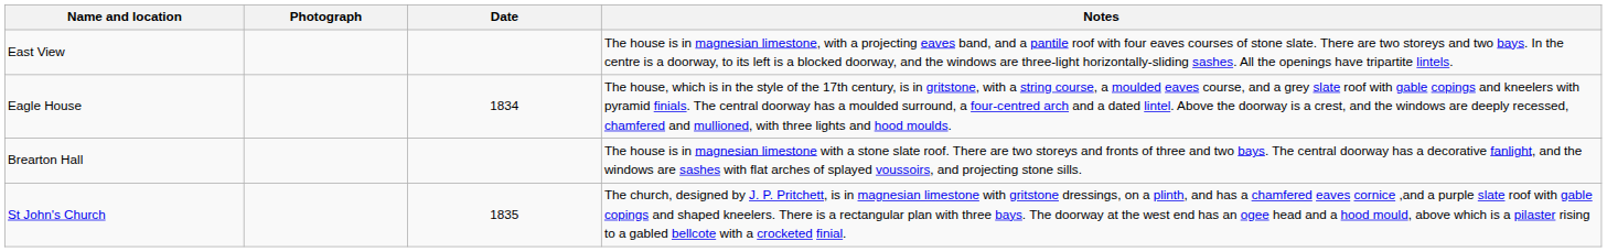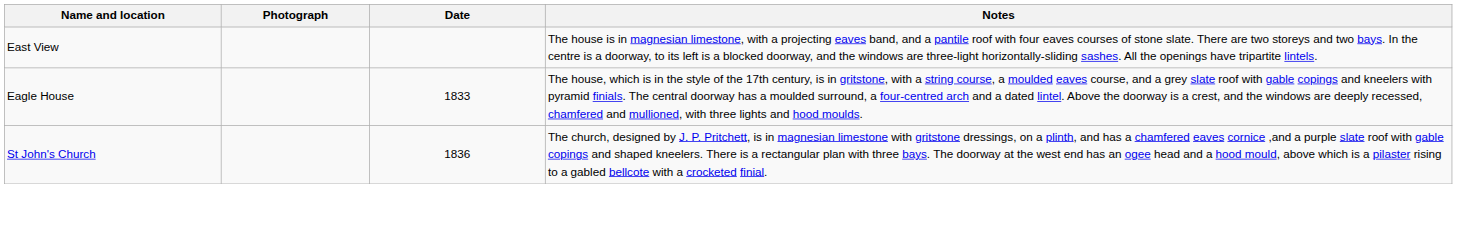 <table class="wikitable sortable plainrowheaders" style="width:100%;border:0px;text-align:left;line-height:150%;">
 <tr>
 <th scope="col"  style="width:150px">Name and location</th>
 <th scope="col"  style="width:100px" class="unsortable">Photograph</th>
 <th scope="col"  style="width:120px">Date</th>
 <th scope="col"  style="width:650px" class="unsortable">Notes</th>
 </tr>
 <tr>
 <td>East View<br><small></small></td>
 <td></td>
 <td align="center"></td>
 <td>The house is in <a href='#'>magnesian limestone</a>, with a projecting <a href='#'>eaves</a> band, and a <a href='#'>pantile</a> roof with four eaves courses of stone slate.  There are two storeys and two <a href='#'>bays</a>.  In the centre is a doorway, to its left is a blocked doorway, and the windows are three-light horizontally-sliding <a href='#'>sashes</a>.  All the openings have tripartite <a href='#'>lintels</a>.</td>
 </tr>
 <tr>
 <td>Eagle House<br><small></small></td>
 <td></td>
-<td align="center">1834</td>
+<td align="center">1833</td>
 <td>The house, which is in the style of the 17th century, is in <a href='#'>gritstone</a>, with a <a href='#'>string course</a>, a <a href='#'>moulded</a> <a href='#'>eaves</a> course, and a grey <a href='#'>slate</a> roof with <a href='#'>gable</a> <a href='#'>copings</a> and kneelers with pyramid <a href='#'>finials</a>.  The central doorway has a moulded surround, a <a href='#'>four-centred arch</a> and a dated <a href='#'>lintel</a>.  Above the doorway is a crest, and the windows are deeply recessed, <a href='#'>chamfered</a> and <a href='#'>mullioned</a>, with three lights and <a href='#'>hood moulds</a>.</td>
-</tr>
-<tr>
-<td>Brearton Hall<br><small></small></td>
-<td></td>
-<td align="center"></td>
-<td>The house is in <a href='#'>magnesian limestone</a> with a stone slate roof.  There are two storeys and fronts of three and two <a href='#'>bays</a>.  The central doorway has a decorative <a href='#'>fanlight</a>, and the windows are <a href='#'>sashes</a> with flat arches of splayed <a href='#'>voussoirs</a>, and projecting stone sills.</td>
 </tr>
 <tr>
 <td><a href='#'>St John's Church</a><br><small></small></td>
 <td></td>
-<td align="center">1835</td>
+<td align="center">1836</td>
 <td>The church, designed by <a href='#'>J. P. Pritchett</a>, is in <a href='#'>magnesian limestone</a> with <a href='#'>gritstone</a> dressings, on a <a href='#'>plinth</a>, and has a <a href='#'>chamfered</a> <a href='#'>eaves</a> <a href='#'>cornice</a> ,and a purple <a href='#'>slate</a> roof with <a href='#'>gable</a> <a href='#'>copings</a> and shaped kneelers.  There is a rectangular plan with three <a href='#'>bays</a>.  The doorway at the west end has an <a href='#'>ogee</a> head and a <a href='#'>hood mould</a>, above which is a <a href='#'>pilaster</a> rising to a gabled <a href='#'>bellcote</a> with a <a href='#'>crocketed</a> <a href='#'>finial</a>.</td>
 </tr>
 <tr>
 </tr>
 </table>
